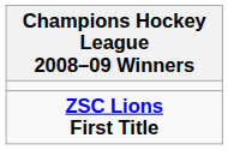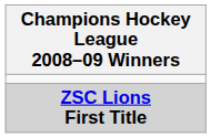 <table class="wikitable" style="text-align: center; margin: 0 auto; width: 20%">
 <tr>
 <th>Champions Hockey League<br>2008–09 Winners</th>
 </tr>
 <tr>
 <td></td>
 </tr>
 <tr>
-<td><strong><a href='#'>ZSC Lions</a></strong><br><strong>First Title</strong></td>
+<td style="background: lightgrey;"><strong><a href='#'>ZSC Lions</a></strong><br><strong>First Title</strong></td>
 </tr>
 </table>
